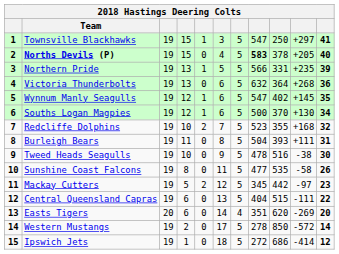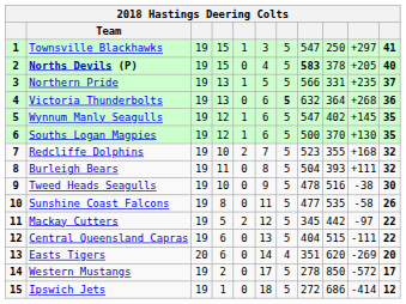 <table class="wikitable" style="text-align:center;">
 <tr>
 <th colspan="11">2018 Hastings Deering Colts</th>
 </tr>
 <tr>
 <th width="20"></th>
 <th>Team</th>
 <th width="20"></th>
 <th width="20"></th>
 <th width="20"></th>
 <th width="20"></th>
 <th width="20"></th>
 <th width="25"></th>
 <th width="25"></th>
 <th width="30"></th>
 <th width="20"></th>
 </tr>
 <tr style="background: #ccffcc;">
 <td><strong>1</strong></td>
 <td style="text-align:left;"> <a href='#'>Townsville Blackhawks</a></td>
 <td>19</td>
 <td>15</td>
 <td>1</td>
 <td>3</td>
 <td>5</td>
 <td>547</td>
 <td>250</td>
 <td>+297</td>
 <td><strong>41</strong></td>
 </tr>
 <tr style="background: #ccffcc;">
 <td><strong>2</strong></td>
 <td style="text-align:left;"> <strong><a href='#'>Norths Devils</a> (P)</strong></td>
 <td>19</td>
 <td>15</td>
 <td>0</td>
 <td>4</td>
 <td>5</td>
 <td><strong>583</strong></td>
 <td>378</td>
 <td>+205</td>
 <td><strong>40</strong></td>
 </tr>
 <tr style="background: #ccffcc;">
 <td><strong>3</strong></td>
 <td style="text-align:left;"> <a href='#'>Northern Pride</a></td>
 <td>19</td>
 <td>13</td>
 <td>1</td>
 <td>5</td>
 <td>5</td>
 <td>566</td>
 <td>331</td>
 <td>+235</td>
-<td><strong>39</strong></td>
+<td><strong>37</strong></td>
 </tr>
 <tr style="background: #ccffcc;">
 <td><strong>4</strong></td>
 <td style="text-align:left;"> <a href='#'>Victoria Thunderbolts</a></td>
 <td>19</td>
 <td>13</td>
 <td>0</td>
 <td>6</td>
-<td>5</td>
+<td><strong>5</strong></td>
 <td>632</td>
 <td>364</td>
 <td>+268</td>
 <td><strong>36</strong></td>
 </tr>
 <tr style="background: #ccffcc;">
 <td><strong>5</strong></td>
 <td style="text-align:left;"> <a href='#'>Wynnum Manly Seagulls</a></td>
 <td>19</td>
 <td>12</td>
 <td>1</td>
 <td>6</td>
 <td>5</td>
 <td>547</td>
 <td>402</td>
 <td>+145</td>
 <td><strong>35</strong></td>
 </tr>
 <tr style="background: #ccffcc;">
 <td><strong>6</strong></td>
 <td style="text-align:left;"> <a href='#'>Souths Logan Magpies</a></td>
 <td>19</td>
 <td>12</td>
 <td>1</td>
 <td>6</td>
 <td>5</td>
 <td>500</td>
 <td>370</td>
 <td>+130</td>
-<td><strong>34</strong></td>
+<td><strong>35</strong></td>
 </tr>
 <tr style="background:">
 <td><strong>7</strong></td>
 <td style="text-align:left;"> <a href='#'>Redcliffe Dolphins</a></td>
 <td>19</td>
 <td>10</td>
 <td>2</td>
 <td>7</td>
 <td>5</td>
 <td>523</td>
 <td>355</td>
 <td>+168</td>
 <td><strong>32</strong></td>
 </tr>
 <tr style="background:">
 <td><strong>8</strong></td>
 <td style="text-align:left;"> <a href='#'>Burleigh Bears</a></td>
 <td>19</td>
 <td>11</td>
 <td>0</td>
 <td>8</td>
 <td>5</td>
 <td>504</td>
 <td>393</td>
 <td>+111</td>
-<td><strong>31</strong></td>
+<td><strong>32</strong></td>
 </tr>
 <tr style="background:">
 <td><strong>9</strong></td>
 <td style="text-align:left;"> <a href='#'>Tweed Heads Seagulls</a></td>
 <td>19</td>
 <td>10</td>
 <td>0</td>
 <td>9</td>
 <td>5</td>
 <td>478</td>
 <td>516</td>
 <td>-38</td>
 <td><strong>30</strong></td>
 </tr>
 <tr style="background:">
 <td><strong>10</strong></td>
 <td style="text-align:left;"> <a href='#'>Sunshine Coast Falcons</a></td>
 <td>19</td>
 <td>8</td>
 <td>0</td>
 <td>11</td>
 <td>5</td>
 <td>477</td>
 <td>535</td>
 <td>-58</td>
 <td><strong>26</strong></td>
 </tr>
 <tr style="background:">
 <td><strong>11</strong></td>
 <td style="text-align:left;"> <a href='#'>Mackay Cutters</a></td>
 <td>19</td>
 <td>5</td>
 <td>2</td>
 <td>12</td>
 <td>5</td>
 <td>345</td>
 <td>442</td>
 <td>-97</td>
-<td><strong>23</strong></td>
+<td><strong>22</strong></td>
 </tr>
 <tr style="background:">
 <td><strong>12</strong></td>
 <td style="text-align:left;"> <a href='#'>Central Queensland Capras</a></td>
 <td>19</td>
 <td>6</td>
 <td>0</td>
 <td>13</td>
 <td>5</td>
 <td>404</td>
 <td>515</td>
 <td>-111</td>
 <td><strong>22</strong></td>
 </tr>
 <tr style="background:">
 <td><strong>13</strong></td>
 <td style="text-align:left;"> <a href='#'>Easts Tigers</a></td>
 <td>20</td>
 <td>6</td>
 <td>0</td>
 <td>14</td>
 <td>4</td>
 <td>351</td>
 <td>620</td>
 <td>-269</td>
 <td><strong>20</strong></td>
 </tr>
 <tr style="background:">
 <td><strong>14</strong></td>
 <td style="text-align:left;"> <a href='#'>Western Mustangs</a></td>
 <td>19</td>
 <td>2</td>
 <td>0</td>
 <td>17</td>
 <td>5</td>
 <td>278</td>
 <td>850</td>
 <td>-572</td>
-<td><strong>14</strong></td>
+<td><strong>17</strong></td>
 </tr>
 <tr style="background:">
 <td><strong>15</strong></td>
 <td style="text-align:left;"> <a href='#'>Ipswich Jets</a></td>
 <td>19</td>
 <td>1</td>
 <td>0</td>
 <td>18</td>
 <td>5</td>
 <td>272</td>
 <td>686</td>
 <td>-414</td>
 <td><strong>12</strong></td>
 </tr>
 </table>
